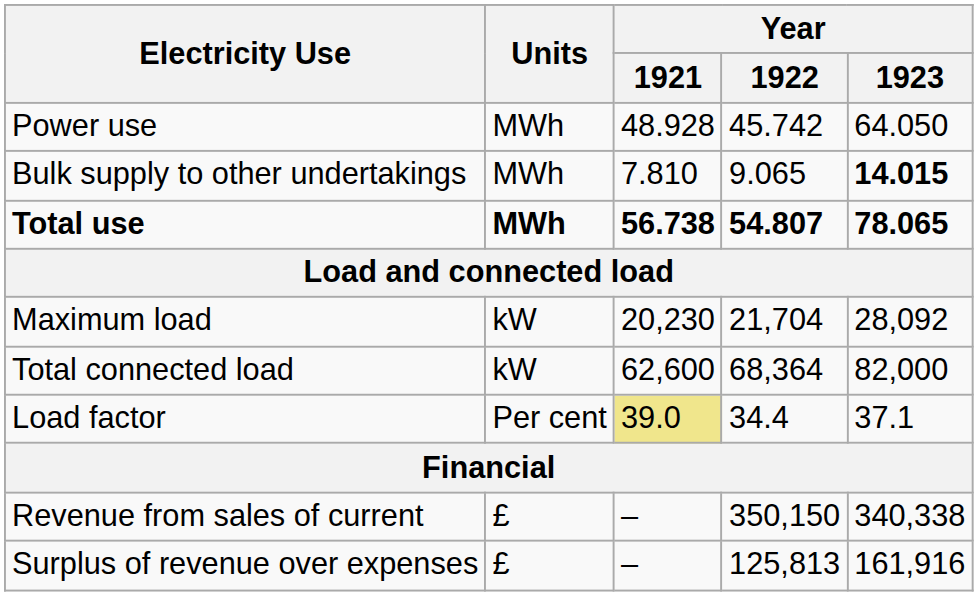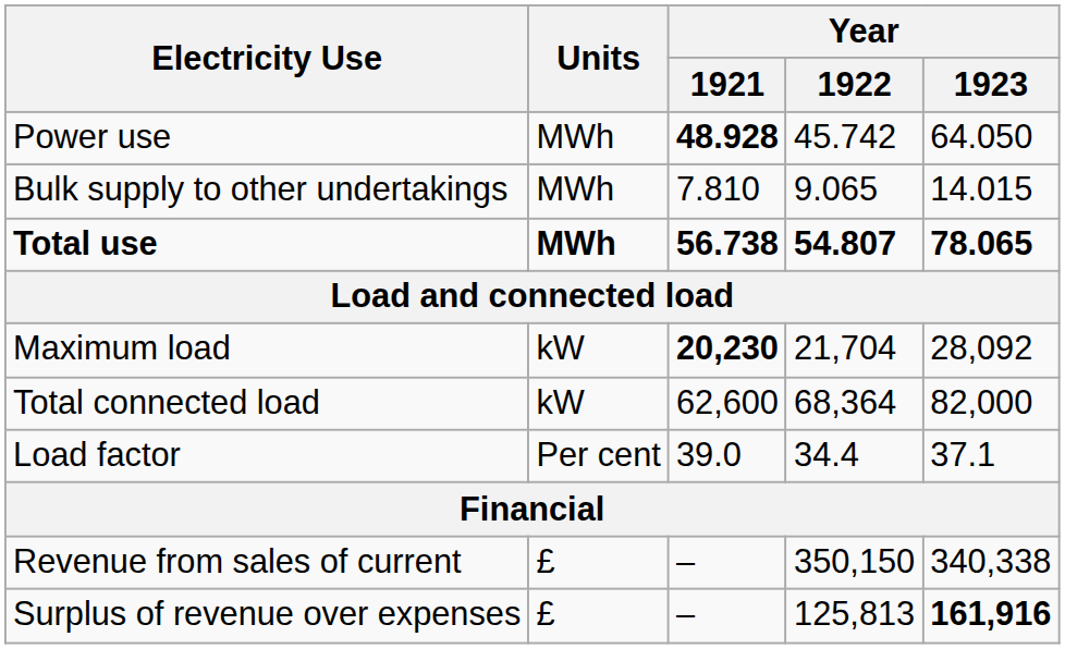 <table class="wikitable">
 <tr>
 <th rowspan="2">Electricity  Use</th>
 <th rowspan="2">Units</th>
 <th colspan="3">Year</th>
 </tr>
 <tr>
 <th>1921</th>
 <th>1922</th>
 <th>1923</th>
 </tr>
 <tr>
 <td>Power  use</td>
 <td>MWh</td>
-<td>48.928</td>
+<td><strong>48.928</strong></td>
 <td>45.742</td>
 <td>64.050</td>
 </tr>
 <tr>
 <td>Bulk  supply to other undertakings</td>
 <td>MWh</td>
 <td>7.810</td>
 <td>9.065</td>
-<td><strong>14.015</strong></td>
+<td>14.015</td>
 </tr>
 <tr>
 <td><strong>Total  use</strong></td>
 <td><strong>MWh</strong></td>
 <td><strong>56.738</strong></td>
 <td><strong>54.807</strong></td>
 <td><strong>78.065</strong></td>
 </tr>
 <tr>
 <th colspan="5">Load  and connected load</th>
 </tr>
 <tr>
 <td>Maximum  load</td>
 <td>kW</td>
-<td>20,230</td>
+<td><strong>20,230</strong></td>
 <td>21,704</td>
 <td>28,092</td>
 </tr>
 <tr>
 <td>Total  connected load</td>
 <td>kW</td>
 <td>62,600</td>
 <td>68,364</td>
 <td>82,000</td>
 </tr>
 <tr>
 <td>Load  factor</td>
 <td>Per  cent</td>
-<td style="background: khaki;">39.0</td>
+<td>39.0</td>
 <td>34.4</td>
 <td>37.1</td>
 </tr>
 <tr>
 <th colspan="5">Financial</th>
 </tr>
 <tr>
 <td>Revenue  from sales of current</td>
 <td>£</td>
 <td>–</td>
 <td>350,150</td>
 <td>340,338</td>
 </tr>
 <tr>
 <td>Surplus  of revenue over expenses</td>
 <td>£</td>
 <td>–</td>
 <td>125,813</td>
-<td>161,916</td>
+<td><strong>161,916</strong></td>
 </tr>
 </table>
